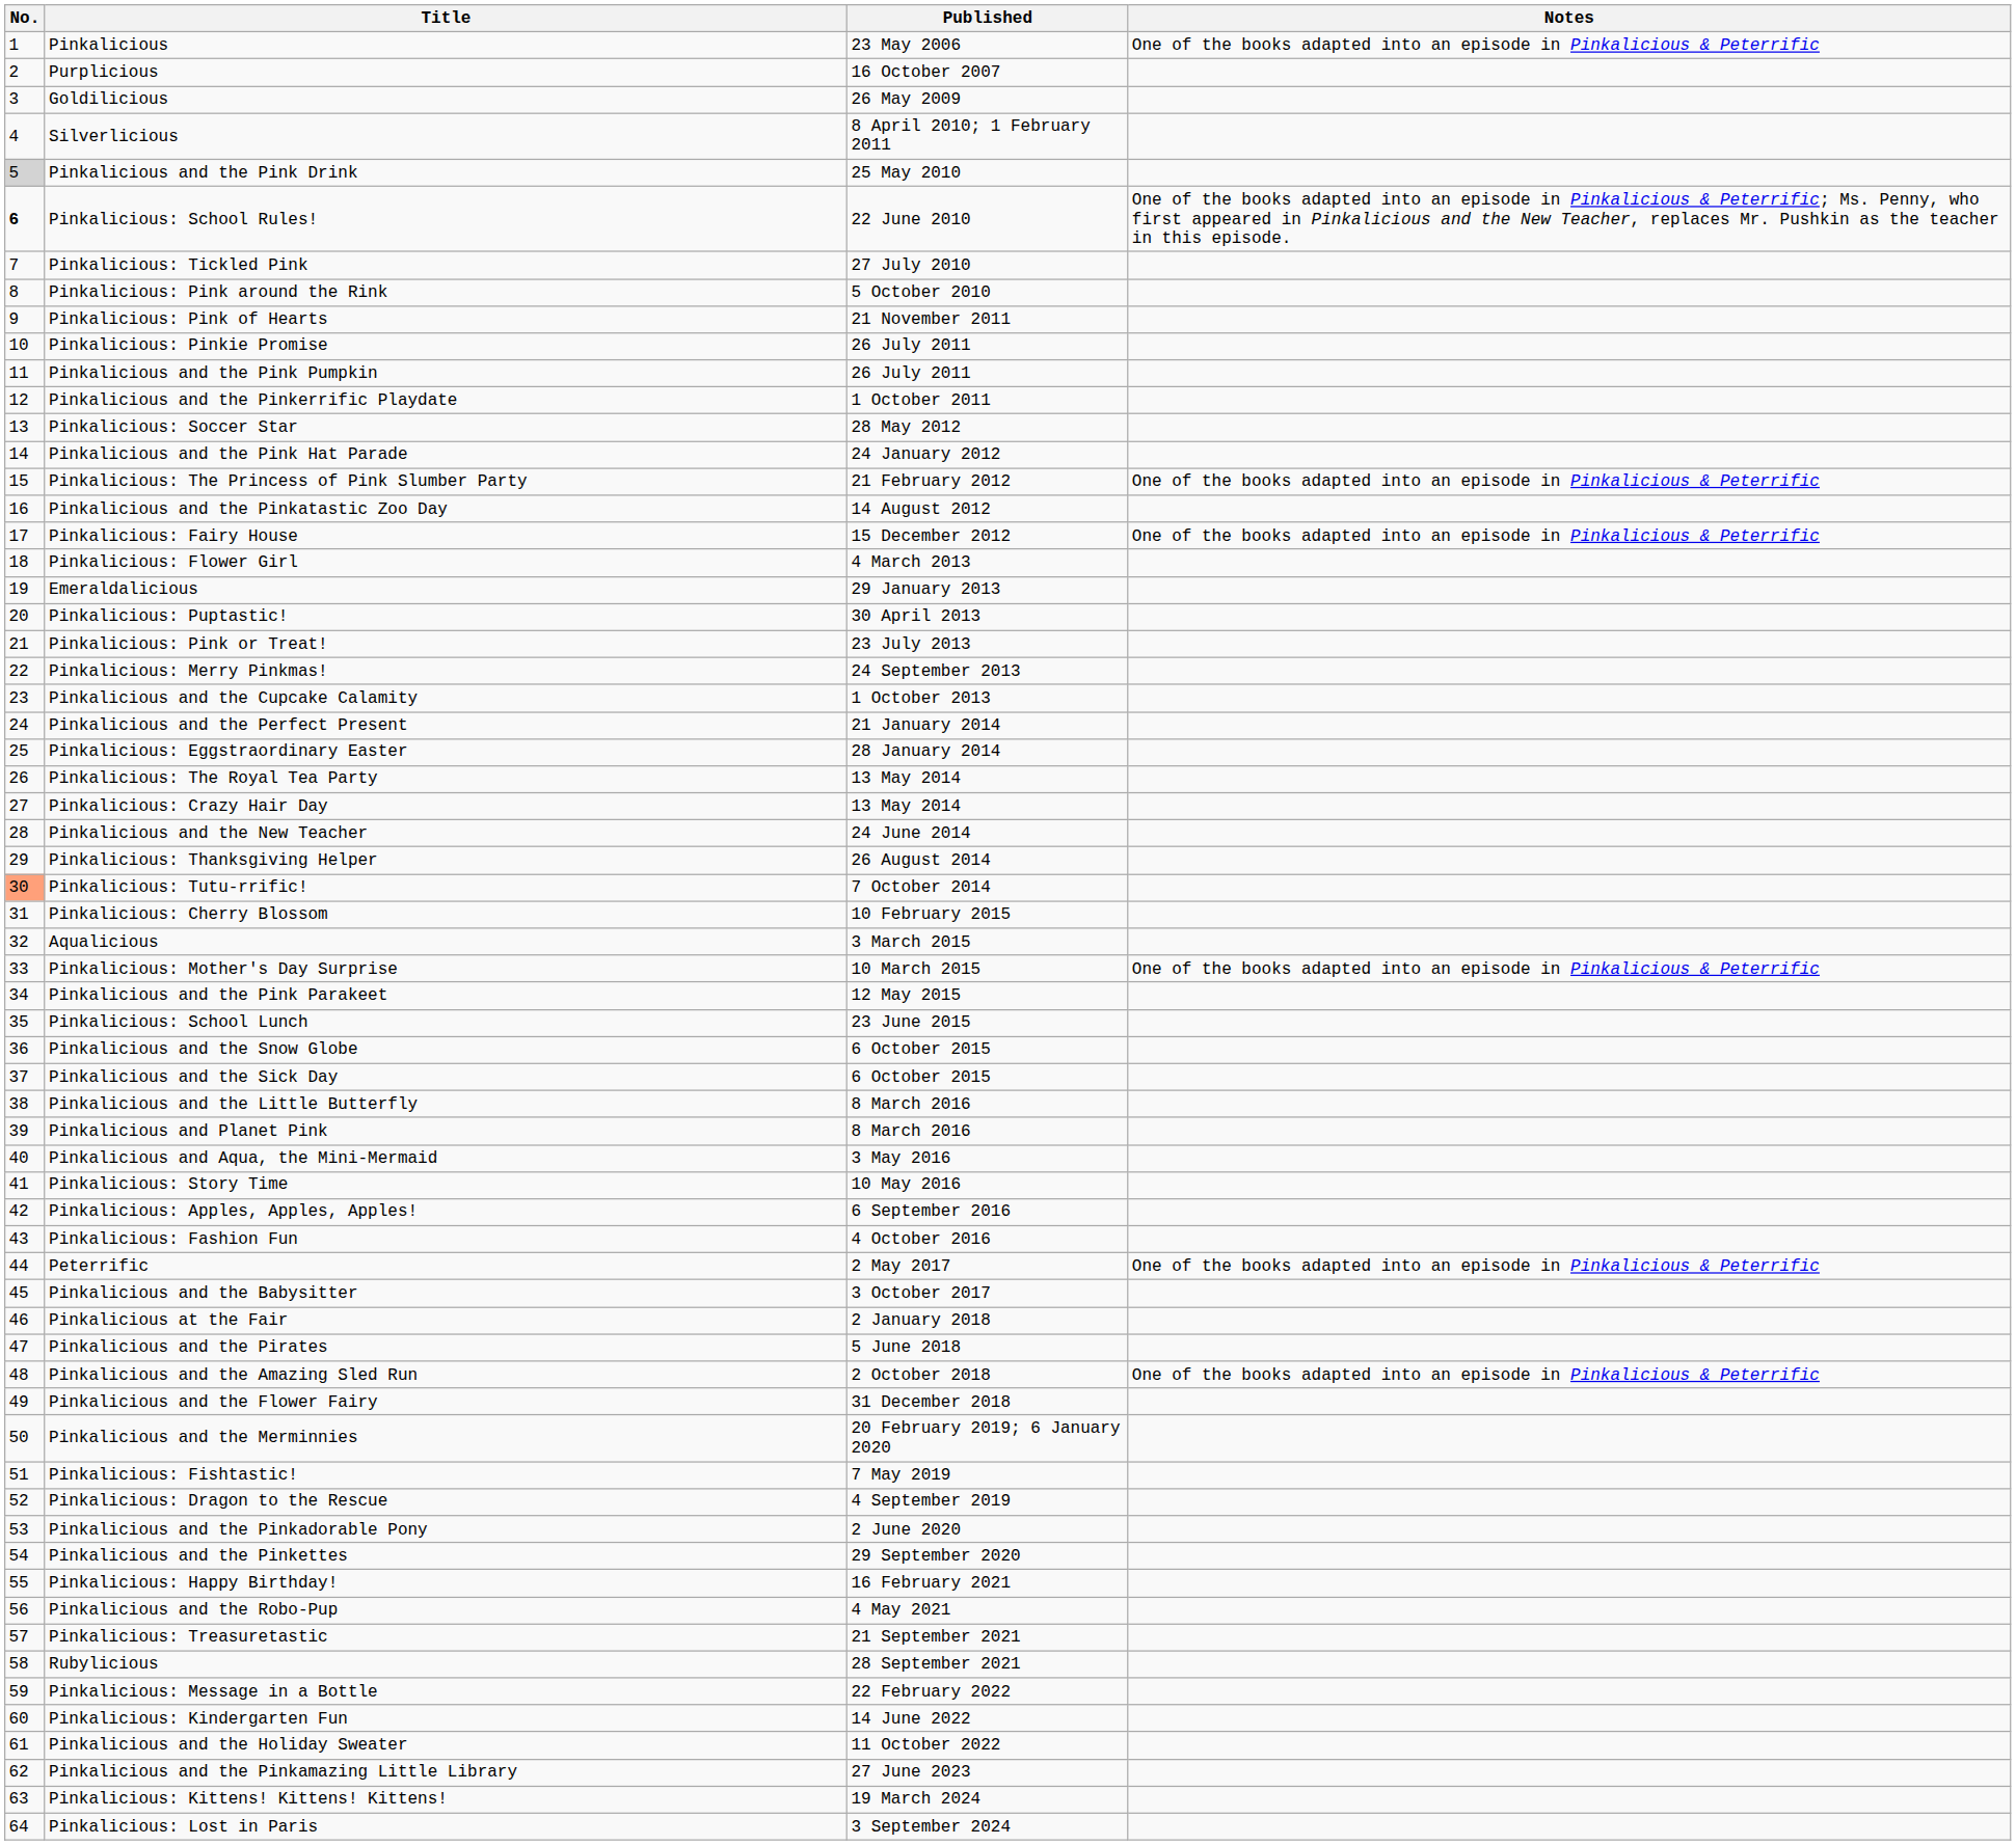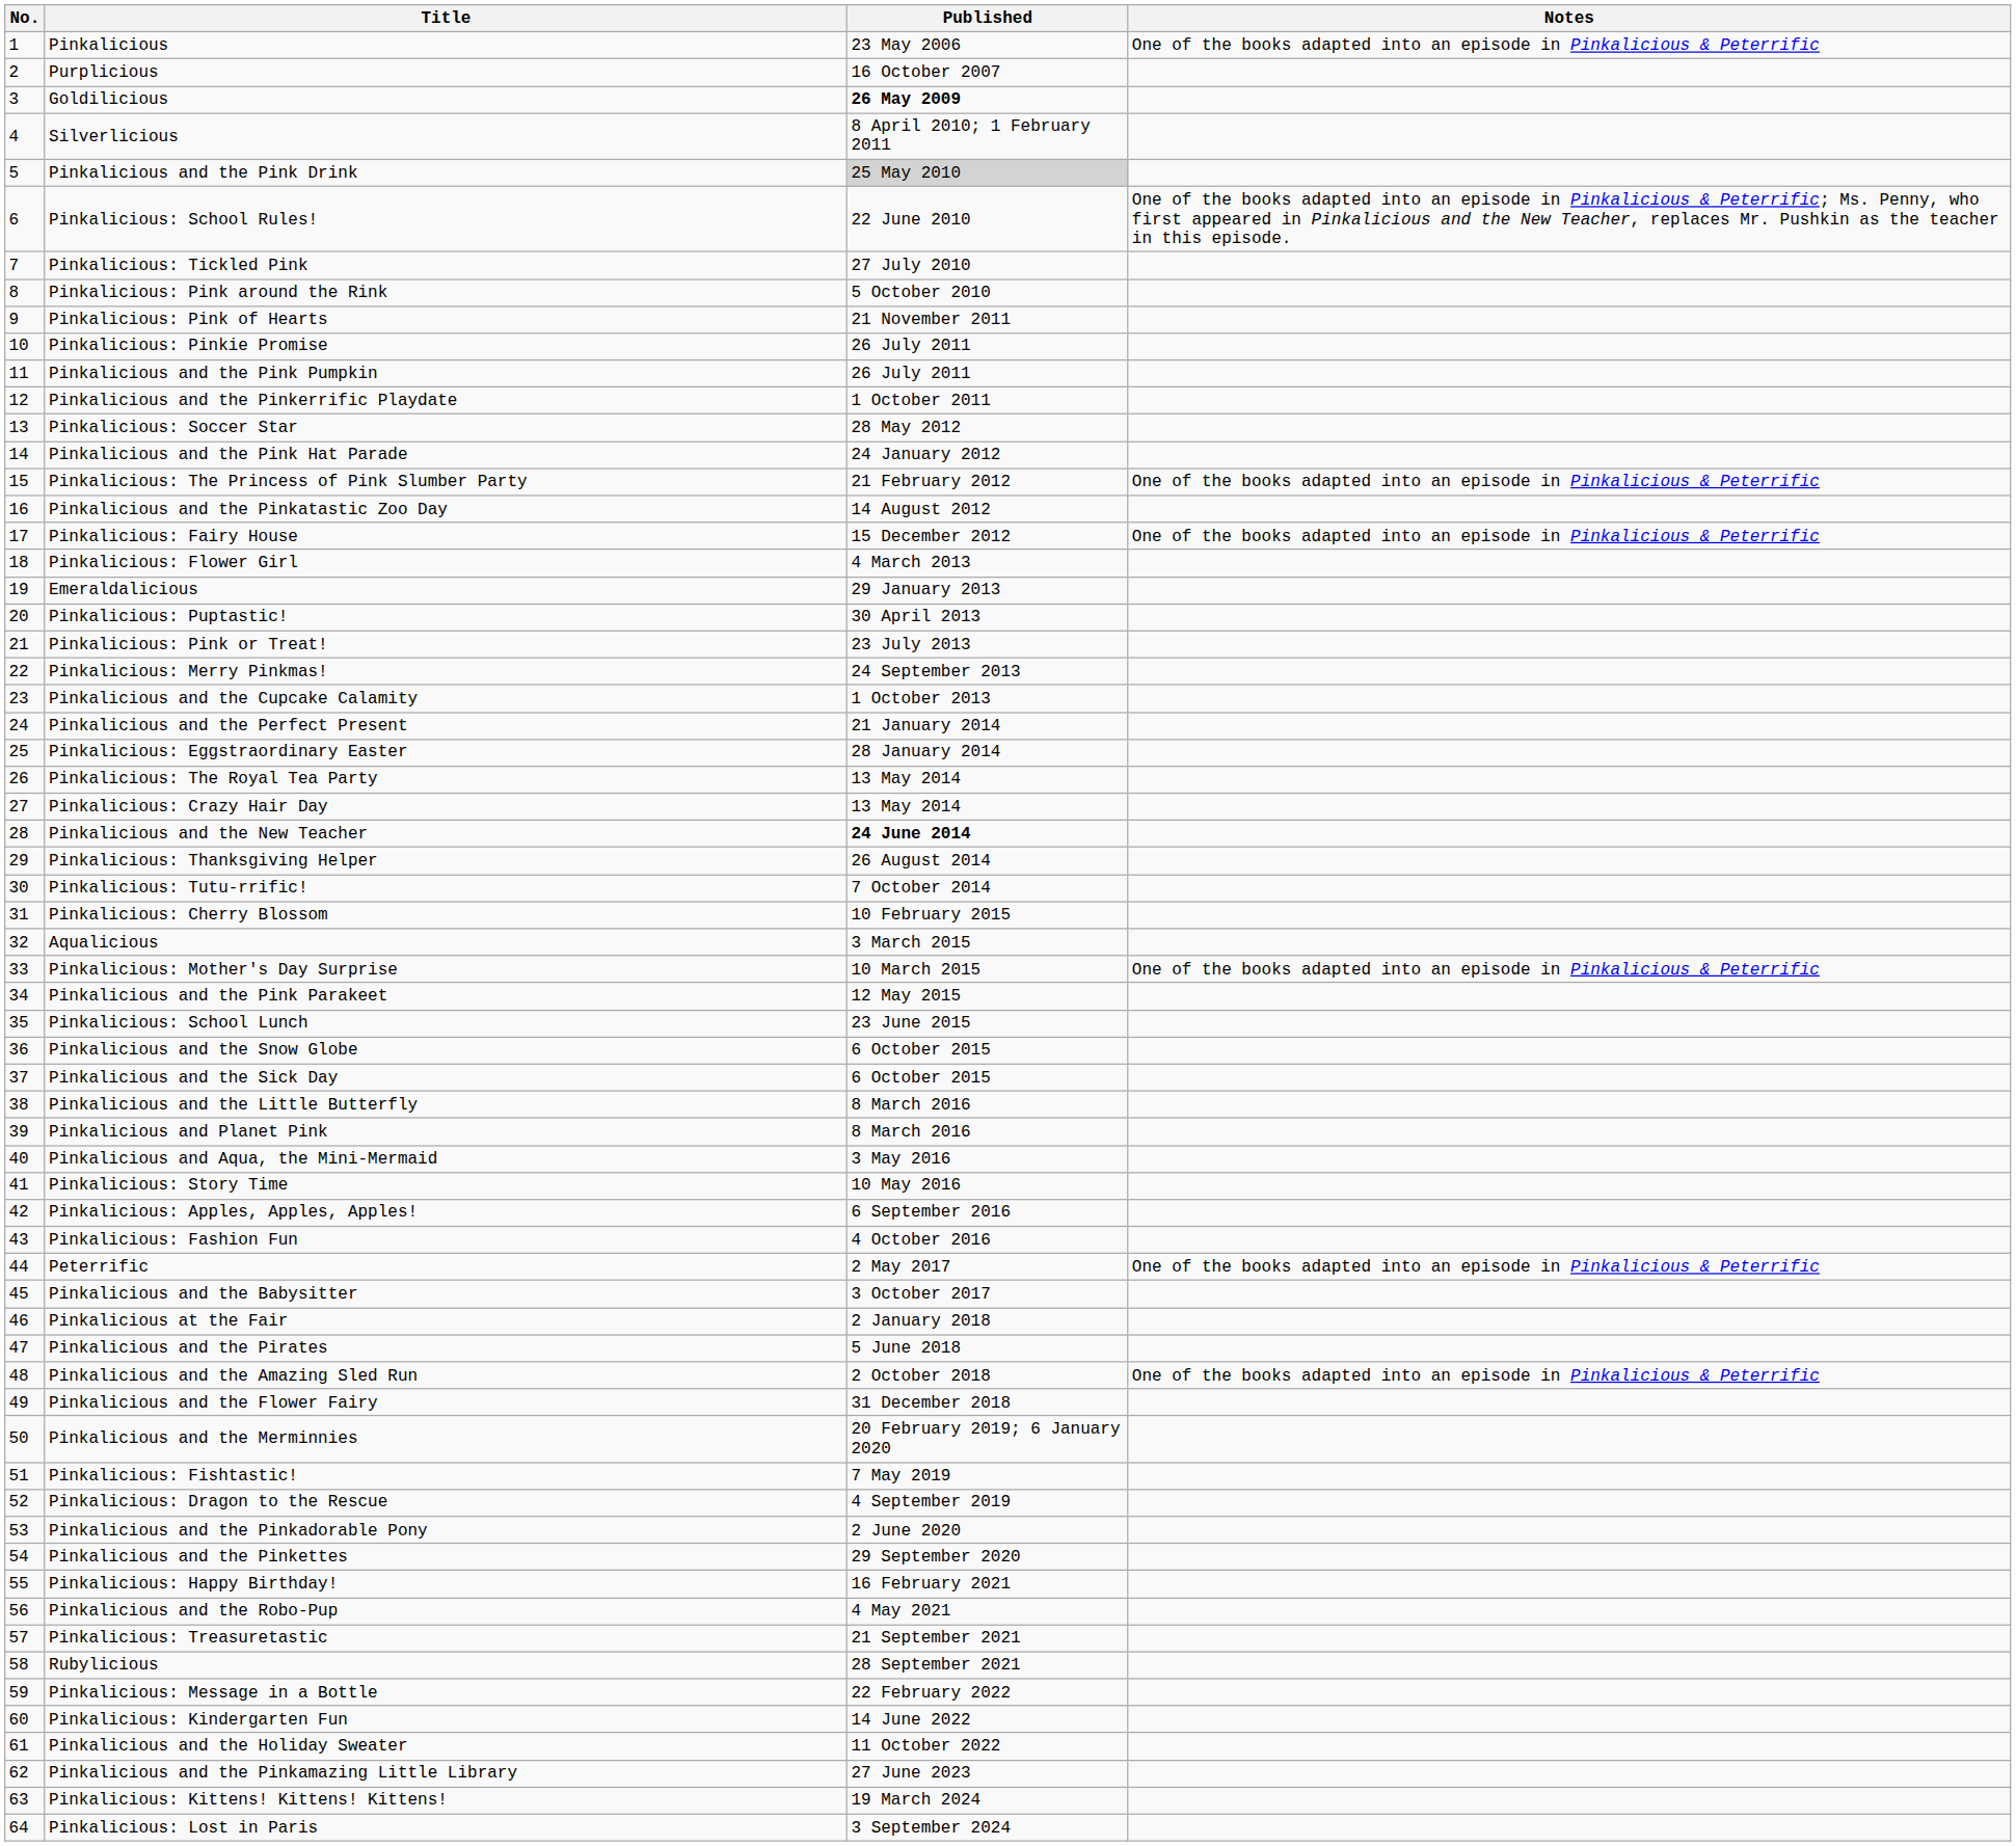 <table class="wikitable sortable" id="noveltable">
 <tr>
 <th width=2%>No.</th>
 <th width=40%>Title</th>
 <th width=14%>Published</th>
 <th>Notes</th>
 </tr>
 <tr>
 <td>1</td>
 <td>Pinkalicious</td>
 <td>23 May 2006</td>
 <td>One of the books adapted into an episode in <em><a href='#'>Pinkalicious & Peterrific</a></em></td>
 </tr>
 <tr>
 <td>2</td>
 <td>Purplicious</td>
 <td>16 October 2007</td>
 <td></td>
 </tr>
 <tr>
 <td>3</td>
 <td>Goldilicious</td>
-<td>26 May 2009</td>
+<td><strong>26 May 2009</strong></td>
 <td></td>
 </tr>
 <tr>
 <td>4</td>
 <td>Silverlicious</td>
 <td>8 April 2010; 1 February 2011</td>
 <td></td>
 </tr>
 <tr>
-<td style="background: lightgrey;">5</td>
+<td>5</td>
 <td>Pinkalicious and the Pink Drink</td>
-<td>25 May 2010</td>
+<td style="background: lightgrey;">25 May 2010</td>
 <td></td>
 </tr>
 <tr>
-<td><strong>6</strong></td>
+<td>6</td>
 <td>Pinkalicious: School Rules!</td>
 <td>22 June 2010</td>
 <td>One of the books adapted into an episode in <em><a href='#'>Pinkalicious & Peterrific</a></em>; Ms. Penny, who first appeared in <em>Pinkalicious and the New Teacher</em>, replaces Mr. Pushkin as the teacher in this episode.</td>
 </tr>
 <tr>
 <td>7</td>
 <td>Pinkalicious: Tickled Pink</td>
 <td>27 July 2010</td>
 <td></td>
 </tr>
 <tr>
 <td>8</td>
 <td>Pinkalicious: Pink around the Rink</td>
 <td>5 October 2010</td>
 <td></td>
 </tr>
 <tr>
 <td>9</td>
 <td>Pinkalicious: Pink of Hearts</td>
 <td>21 November 2011</td>
 <td></td>
 </tr>
 <tr>
 <td>10</td>
 <td>Pinkalicious: Pinkie Promise</td>
 <td>26 July 2011</td>
 <td></td>
 </tr>
 <tr>
 <td>11</td>
 <td>Pinkalicious and the Pink Pumpkin</td>
 <td>26 July 2011</td>
 <td></td>
 </tr>
 <tr>
 <td>12</td>
 <td>Pinkalicious and the Pinkerrific Playdate</td>
 <td>1 October 2011</td>
 <td></td>
 </tr>
 <tr>
 <td>13</td>
 <td>Pinkalicious: Soccer Star</td>
 <td>28 May 2012</td>
 <td></td>
 </tr>
 <tr>
 <td>14</td>
 <td>Pinkalicious and the Pink Hat Parade</td>
 <td>24 January 2012</td>
 <td></td>
 </tr>
 <tr>
 <td>15</td>
 <td>Pinkalicious: The Princess of Pink Slumber Party</td>
 <td>21 February 2012</td>
 <td>One of the books adapted into an episode in <em><a href='#'>Pinkalicious & Peterrific</a></em></td>
 </tr>
 <tr>
 <td>16</td>
 <td>Pinkalicious and the Pinkatastic Zoo Day</td>
 <td>14 August 2012</td>
 <td></td>
 </tr>
 <tr>
 <td>17</td>
 <td>Pinkalicious: Fairy House</td>
 <td>15 December 2012</td>
 <td>One of the books adapted into an episode in <em><a href='#'>Pinkalicious & Peterrific</a></em></td>
 </tr>
 <tr>
 <td>18</td>
 <td>Pinkalicious: Flower Girl</td>
 <td>4 March 2013</td>
 <td></td>
 </tr>
 <tr>
 <td>19</td>
 <td>Emeraldalicious</td>
 <td>29 January 2013</td>
 <td></td>
 </tr>
 <tr>
 <td>20</td>
 <td>Pinkalicious: Puptastic!</td>
 <td>30 April 2013</td>
 <td></td>
 </tr>
 <tr>
 <td>21</td>
 <td>Pinkalicious: Pink or Treat!</td>
 <td>23 July 2013</td>
 <td></td>
 </tr>
 <tr>
 <td>22</td>
 <td>Pinkalicious: Merry Pinkmas!</td>
 <td>24 September 2013</td>
 <td></td>
 </tr>
 <tr>
 <td>23</td>
 <td>Pinkalicious and the Cupcake Calamity</td>
 <td>1 October 2013</td>
 <td></td>
 </tr>
 <tr>
 <td>24</td>
 <td>Pinkalicious and the Perfect Present</td>
 <td>21 January 2014</td>
 <td></td>
 </tr>
 <tr>
 <td>25</td>
 <td>Pinkalicious: Eggstraordinary Easter</td>
 <td>28 January 2014</td>
 <td></td>
 </tr>
 <tr>
 <td>26</td>
 <td>Pinkalicious: The Royal Tea Party</td>
 <td>13 May 2014</td>
 <td></td>
 </tr>
 <tr>
 <td>27</td>
 <td>Pinkalicious: Crazy Hair Day</td>
 <td>13 May 2014</td>
 <td></td>
 </tr>
 <tr>
 <td>28</td>
 <td>Pinkalicious and the New Teacher</td>
-<td>24 June 2014</td>
+<td><strong>24 June 2014</strong></td>
 <td></td>
 </tr>
 <tr>
 <td>29</td>
 <td>Pinkalicious: Thanksgiving Helper</td>
 <td>26 August 2014</td>
 <td></td>
 </tr>
 <tr>
-<td style="background: lightsalmon;">30</td>
+<td>30</td>
 <td>Pinkalicious: Tutu-rrific!</td>
 <td>7 October 2014</td>
 <td></td>
 </tr>
 <tr>
 <td>31</td>
 <td>Pinkalicious: Cherry Blossom</td>
 <td>10 February 2015</td>
 <td></td>
 </tr>
 <tr>
 <td>32</td>
 <td>Aqualicious</td>
 <td>3 March 2015</td>
 <td></td>
 </tr>
 <tr>
 <td>33</td>
 <td>Pinkalicious: Mother's Day Surprise</td>
 <td>10 March 2015</td>
 <td>One of the books adapted into an episode in <em><a href='#'>Pinkalicious & Peterrific</a></em></td>
 </tr>
 <tr>
 <td>34</td>
 <td>Pinkalicious and the Pink Parakeet</td>
 <td>12 May 2015</td>
 <td></td>
 </tr>
 <tr>
 <td>35</td>
 <td>Pinkalicious: School Lunch</td>
 <td>23 June 2015</td>
 <td></td>
 </tr>
 <tr>
 <td>36</td>
 <td>Pinkalicious and the Snow Globe</td>
 <td>6 October 2015</td>
 <td></td>
 </tr>
 <tr>
 <td>37</td>
 <td>Pinkalicious and the Sick Day</td>
 <td>6 October 2015</td>
 <td></td>
 </tr>
 <tr>
 <td>38</td>
 <td>Pinkalicious and the Little Butterfly</td>
 <td>8 March 2016</td>
 <td></td>
 </tr>
 <tr>
 <td>39</td>
 <td>Pinkalicious and Planet Pink</td>
 <td>8 March 2016</td>
 <td></td>
 </tr>
 <tr>
 <td>40</td>
 <td>Pinkalicious and Aqua, the Mini-Mermaid</td>
 <td>3 May 2016</td>
 <td></td>
 </tr>
 <tr>
 <td>41</td>
 <td>Pinkalicious: Story Time</td>
 <td>10 May 2016</td>
 <td></td>
 </tr>
 <tr>
 <td>42</td>
 <td>Pinkalicious: Apples, Apples, Apples!</td>
 <td>6 September 2016</td>
 <td></td>
 </tr>
 <tr>
 <td>43</td>
 <td>Pinkalicious: Fashion Fun</td>
 <td>4 October 2016</td>
 <td></td>
 </tr>
 <tr>
 <td>44</td>
 <td>Peterrific</td>
 <td>2 May 2017</td>
 <td>One of the books adapted into an episode in <em><a href='#'>Pinkalicious & Peterrific</a></em></td>
 </tr>
 <tr>
 <td>45</td>
 <td>Pinkalicious and the Babysitter</td>
 <td>3 October 2017</td>
 <td></td>
 </tr>
 <tr>
 <td>46</td>
 <td>Pinkalicious at the Fair</td>
 <td>2 January 2018</td>
 <td></td>
 </tr>
 <tr>
 <td>47</td>
 <td>Pinkalicious and the Pirates</td>
 <td>5 June 2018</td>
 <td></td>
 </tr>
 <tr>
 <td>48</td>
 <td>Pinkalicious and the Amazing Sled Run</td>
 <td>2 October 2018</td>
 <td>One of the books adapted into an episode in <em><a href='#'>Pinkalicious & Peterrific</a></em></td>
 </tr>
 <tr>
 <td>49</td>
 <td>Pinkalicious and the Flower Fairy</td>
 <td>31 December 2018</td>
 <td></td>
 </tr>
 <tr>
 <td>50</td>
 <td>Pinkalicious and the Merminnies</td>
 <td>20 February 2019; 6 January 2020</td>
 <td></td>
 </tr>
 <tr>
 <td>51</td>
 <td>Pinkalicious: Fishtastic!</td>
 <td>7 May 2019</td>
 <td></td>
 </tr>
 <tr>
 <td>52</td>
 <td>Pinkalicious: Dragon to the Rescue</td>
 <td>4 September 2019</td>
 <td></td>
 </tr>
 <tr>
 <td>53</td>
 <td>Pinkalicious and the Pinkadorable Pony</td>
 <td>2 June 2020</td>
 <td></td>
 </tr>
 <tr>
 <td>54</td>
 <td>Pinkalicious and the Pinkettes</td>
 <td>29 September 2020</td>
 <td></td>
 </tr>
 <tr>
 <td>55</td>
 <td>Pinkalicious: Happy Birthday!</td>
 <td>16 February 2021</td>
 <td></td>
 </tr>
 <tr>
 <td>56</td>
 <td>Pinkalicious and the Robo-Pup</td>
 <td>4 May 2021</td>
 <td></td>
 </tr>
 <tr>
 <td>57</td>
 <td>Pinkalicious: Treasuretastic</td>
 <td>21 September 2021</td>
 <td></td>
 </tr>
 <tr>
 <td>58</td>
 <td>Rubylicious</td>
 <td>28 September 2021</td>
 <td></td>
 </tr>
 <tr>
 <td>59</td>
 <td>Pinkalicious: Message in a Bottle</td>
 <td>22 February 2022</td>
 <td></td>
 </tr>
 <tr>
 <td>60</td>
 <td>Pinkalicious: Kindergarten Fun</td>
 <td>14 June 2022</td>
 <td></td>
 </tr>
 <tr>
 <td>61</td>
 <td>Pinkalicious and the Holiday Sweater</td>
 <td>11 October 2022</td>
 <td></td>
 </tr>
 <tr>
 <td>62</td>
 <td>Pinkalicious and the Pinkamazing Little Library</td>
 <td>27 June 2023</td>
 <td></td>
 </tr>
 <tr>
 <td>63</td>
 <td>Pinkalicious: Kittens! Kittens! Kittens!</td>
 <td>19 March 2024</td>
 <td></td>
 </tr>
 <tr>
 <td>64</td>
 <td>Pinkalicious: Lost in Paris</td>
 <td>3 September 2024</td>
 <td></td>
 </tr>
 </table>
